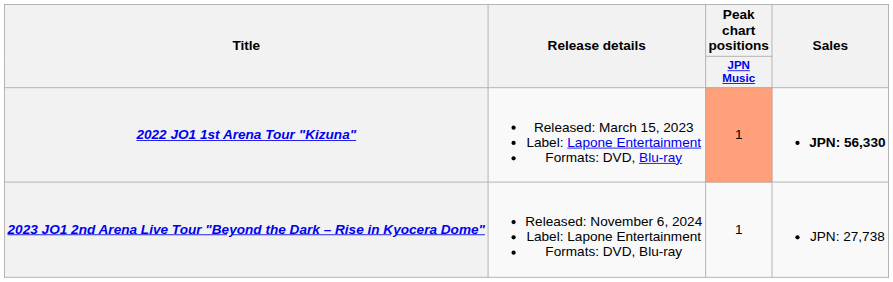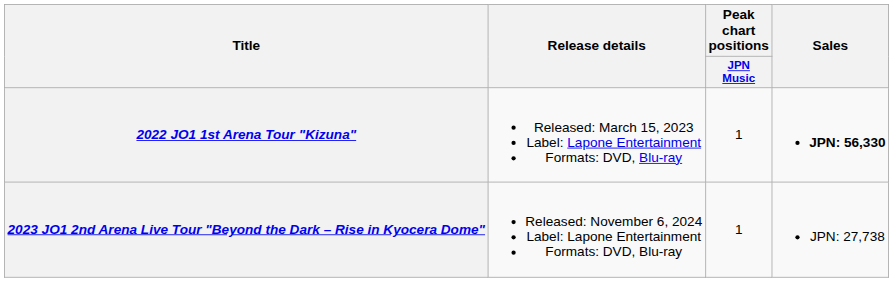 <table class="wikitable plainrowheaders" style="text-align:center;">
 <tr>
 <th scope="col" rowspan="2">Title</th>
 <th scope="col" rowspan="2">Release details</th>
 <th scope="col">Peak chart positions</th>
 <th scope="col" rowspan="2">Sales</th>
 </tr>
 <tr>
 <th scope="col" style="width:2.75em;font-size:85%;"><a href='#'>JPN<br>Music</a><br></th>
 </tr>
 <tr>
 <th scope="row"><em><a href='#'>2022 JO1 1st Arena Tour "Kizuna"</a></em></th>
 <td><br><ul><li>Released: March 15, 2023 </li><li>Label: <a href='#'>Lapone Entertainment</a></li><li>Formats: DVD, <a href='#'>Blu-ray</a></li></ul></td>
-<td style="background: lightsalmon;">1</td>
+<td>1</td>
 <td><strong><br><ul><li>JPN: 56,330</li></ul></strong></td>
 </tr>
 <tr>
 <th scope="row"><em><a href='#'>2023 JO1 2nd Arena Live Tour "Beyond the Dark – Rise in Kyocera Dome"</a></em></th>
 <td><br><ul><li>Released: November 6, 2024 </li><li>Label: Lapone Entertainment</li><li>Formats: DVD, Blu-ray</li></ul></td>
 <td>1</td>
 <td><br><ul><li>JPN: 27,738</li></ul></td>
 </tr>
 </table>
